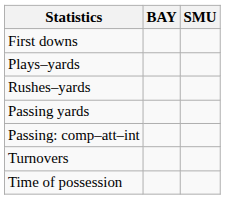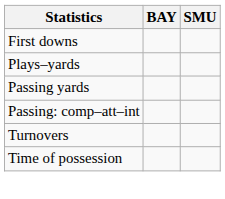 <table class="wikitable" style="float:left">
 <tr>
 <th>Statistics</th>
 <th>BAY</th>
 <th>SMU</th>
 </tr>
 <tr>
 <td>First downs</td>
 <td></td>
 <td></td>
 </tr>
 <tr>
 <td>Plays–yards</td>
-<td></td>
-<td></td>
-</tr>
-<tr>
-<td>Rushes–yards</td>
 <td></td>
 <td></td>
 </tr>
 <tr>
 <td>Passing yards</td>
 <td></td>
 <td></td>
 </tr>
 <tr>
 <td>Passing: comp–att–int</td>
 <td></td>
 <td></td>
 </tr>
 <tr>
 <td>Turnovers</td>
 <td></td>
 <td></td>
 </tr>
 <tr>
 <td>Time of possession</td>
 <td></td>
 <td></td>
 </tr>
 </table>
